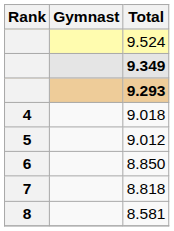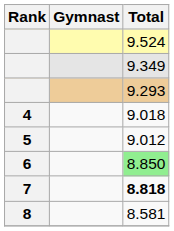 <table class="wikitable sortable" style="text-align:center; font-size:95%">
 <tr>
 <th scope=col>Rank</th>
 <th scope=col>Gymnast</th>
 <th scope=col>Total</th>
 </tr>
 <tr bgcolor=fffcaf>
 <th scope=row style="text-align:center"></th>
 <td align=left></td>
 <td>9.524</td>
 </tr>
 <tr bgcolor=e5e5e5>
 <th scope=row style="text-align:center"></th>
 <td align=left></td>
-<td><strong>9.349</strong></td>
+<td>9.349</td>
 </tr>
 <tr bgcolor=eecc99>
 <th scope=row style="text-align:center"></th>
 <td align=left></td>
-<td><strong>9.293</strong></td>
+<td>9.293</td>
 </tr>
 <tr>
 <th scope=row style="text-align:center">4</th>
 <td align=left></td>
 <td>9.018</td>
 </tr>
 <tr>
 <th scope=row style="text-align:center">5</th>
 <td align=left></td>
 <td>9.012</td>
 </tr>
 <tr>
 <th scope=row style="text-align:center">6</th>
 <td align=left></td>
-<td>8.850</td>
+<td style="background: lightgreen;">8.850</td>
 </tr>
 <tr>
 <th scope=row style="text-align:center">7</th>
 <td align=left></td>
-<td>8.818</td>
+<td><strong>8.818</strong></td>
 </tr>
 <tr>
 <th scope=row style="text-align:center">8</th>
 <td align=left></td>
 <td>8.581</td>
 </tr>
 <tr>
 </tr>
 </table>
